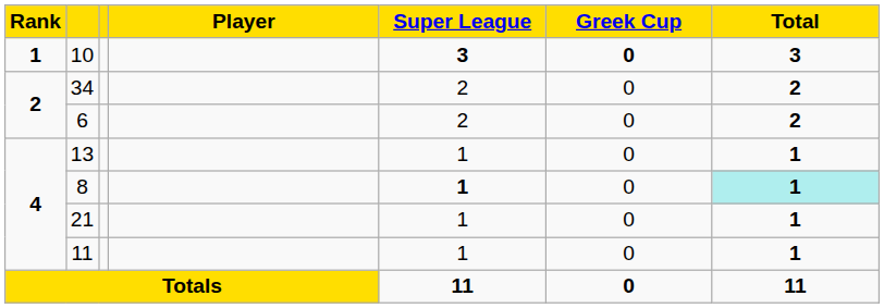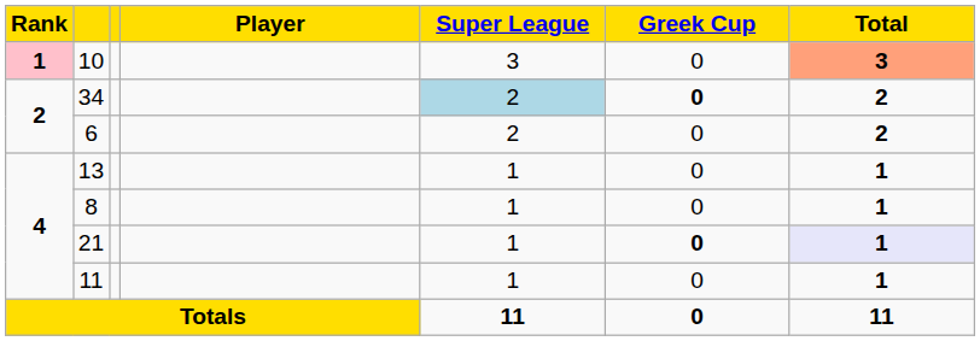 <table class="wikitable sortable" style="text-align: center">
 <tr>
 <th style="background:#FFDE00">Rank</th>
 <th style="background:#FFDE00"></th>
 <th style="background:#FFDE00"></th>
 <th width=200 style="background:#FFDE00">Player</th>
 <th width=120 style="background:#FFDE00"><a href='#'>Super League</a></th>
 <th width=120 style="background:#FFDE00"><a href='#'>Greek Cup</a></th>
 <th width=120 style="background:#FFDE00">Total</th>
 </tr>
 <tr>
-<td><strong>1</strong></td>
+<td style="background: pink;"><strong>1</strong></td>
 <td>10</td>
 <td></td>
 <td align=left></td>
-<td><strong>3</strong></td>
-<td><strong>0</strong></td>
-<td><strong>3</strong></td>
+<td>3</td>
+<td>0</td>
+<td style="background: lightsalmon;"><strong>3</strong></td>
 </tr>
 <tr>
 <td rowspan=2><strong>2</strong></td>
 <td>34</td>
 <td></td>
 <td align=left></td>
-<td>2</td>
-<td>0</td>
+<td style="background: lightblue;">2</td>
+<td><strong>0</strong></td>
 <td><strong>2</strong></td>
 </tr>
 <tr>
 <td>6</td>
 <td></td>
 <td align=left></td>
 <td>2</td>
 <td>0</td>
 <td><strong>2</strong></td>
 </tr>
 <tr>
 <td rowspan=4><strong>4</strong></td>
 <td>13</td>
 <td></td>
 <td align=left></td>
 <td>1</td>
 <td>0</td>
 <td><strong>1</strong></td>
 </tr>
 <tr>
 <td>8</td>
 <td></td>
 <td align=left></td>
+<td>1</td>
+<td>0</td>
 <td><strong>1</strong></td>
-<td>0</td>
-<td style="background: paleturquoise;"><strong>1</strong></td>
 </tr>
 <tr>
 <td>21</td>
 <td></td>
 <td align=left></td>
 <td>1</td>
-<td>0</td>
-<td><strong>1</strong></td>
+<td><strong>0</strong></td>
+<td style="background: lavender;"><strong>1</strong></td>
 </tr>
 <tr>
 <td>11</td>
 <td></td>
 <td align=left></td>
 <td>1</td>
 <td>0</td>
 <td><strong>1</strong></td>
 </tr>
 <tr class="sortbottom">
 <th colspan=4 style="background:#FFDE00"><strong>Totals</strong></th>
 <td><strong>11</strong></td>
 <td><strong> 0</strong></td>
 <td><strong>11</strong></td>
 </tr>
 </table>
